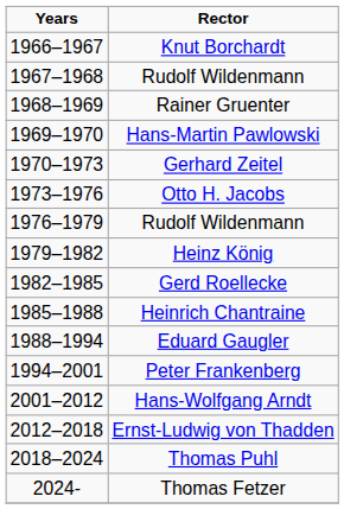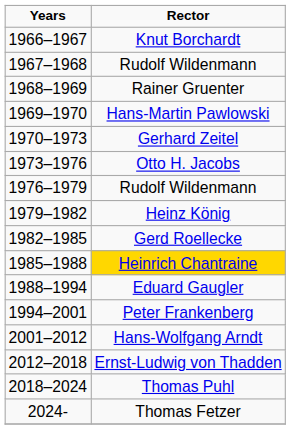 <table style="text-align:center; float:right; font-size:90%; margin-left:2em; margin:10px;"  class="wikitable">
 <tr style="font-size: 86%;">
 <td><strong>Years</strong></td>
 <td><strong>Rector</strong></td>
 </tr>
 <tr>
 <td>1966–1967</td>
 <td><a href='#'>Knut Borchardt</a></td>
 </tr>
 <tr>
 <td>1967–1968</td>
 <td>Rudolf Wildenmann</td>
 </tr>
 <tr>
 <td>1968–1969</td>
 <td>Rainer Gruenter</td>
 </tr>
 <tr>
 <td>1969–1970</td>
 <td><a href='#'>Hans-Martin Pawlowski</a></td>
 </tr>
 <tr>
 <td>1970–1973</td>
 <td><a href='#'>Gerhard Zeitel</a></td>
 </tr>
 <tr>
 <td>1973–1976</td>
 <td><a href='#'>Otto H. Jacobs</a></td>
 </tr>
 <tr>
 <td>1976–1979</td>
 <td>Rudolf Wildenmann</td>
 </tr>
 <tr>
 <td>1979–1982</td>
 <td><a href='#'>Heinz König</a></td>
 </tr>
 <tr>
 <td>1982–1985</td>
 <td><a href='#'>Gerd Roellecke</a></td>
 </tr>
 <tr>
 <td>1985–1988</td>
-<td><a href='#'>Heinrich Chantraine</a></td>
+<td style="background: gold;"><a href='#'>Heinrich Chantraine</a></td>
 </tr>
 <tr>
 <td>1988–1994</td>
 <td><a href='#'>Eduard Gaugler</a></td>
 </tr>
 <tr>
 <td>1994–2001</td>
 <td><a href='#'>Peter Frankenberg</a></td>
 </tr>
 <tr>
 <td>2001–2012</td>
 <td><a href='#'>Hans-Wolfgang Arndt</a></td>
 </tr>
 <tr>
 <td>2012–2018</td>
 <td><a href='#'>Ernst-Ludwig von Thadden</a></td>
 </tr>
 <tr>
 <td>2018–2024</td>
 <td><a href='#'>Thomas Puhl</a></td>
 </tr>
 <tr>
 <td>2024-</td>
 <td>Thomas Fetzer</td>
 </tr>
 <tr>
 </tr>
 </table>
